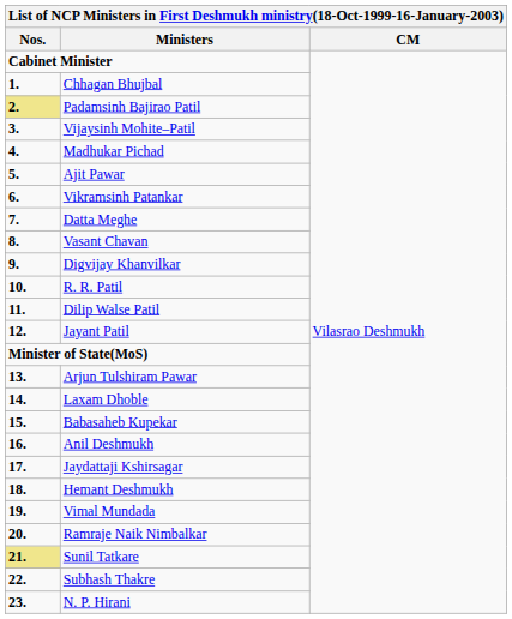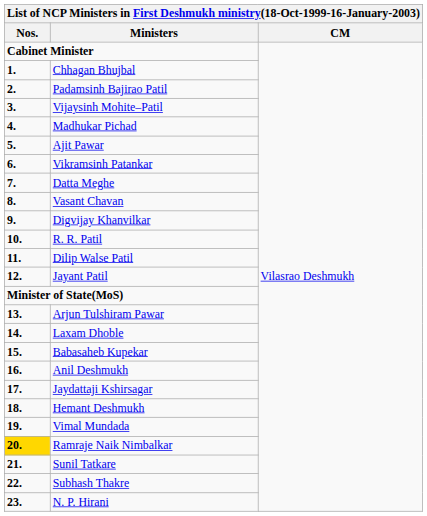 <table class="wikitable">
 <tr>
 <th colspan="3">List of NCP Ministers in <a href='#'>First Deshmukh ministry</a>(18-Oct-1999-16-January-2003)</th>
 </tr>
 <tr>
 <th>Nos.</th>
 <th>Ministers</th>
 <th>CM</th>
 </tr>
 <tr>
 <td colspan="2"><strong>Cabinet Minister</strong></td>
 <td rowspan="25"><a href='#'>Vilasrao Deshmukh</a></td>
 </tr>
 <tr>
 <td><strong>1.</strong></td>
 <td><a href='#'>Chhagan Bhujbal</a></td>
 </tr>
 <tr>
-<td style="background: khaki;"><strong>2.</strong></td>
+<td><strong>2.</strong></td>
 <td><a href='#'>Padamsinh Bajirao Patil</a></td>
 </tr>
 <tr>
 <td><strong>3.</strong></td>
 <td><a href='#'>Vijaysinh Mohite–Patil</a></td>
 </tr>
 <tr>
 <td><strong>4.</strong></td>
 <td><a href='#'>Madhukar Pichad</a></td>
 </tr>
 <tr>
 <td><strong>5.</strong></td>
 <td><a href='#'>Ajit Pawar</a></td>
 </tr>
 <tr>
 <td><strong>6.</strong></td>
 <td><a href='#'>Vikramsinh Patankar</a></td>
 </tr>
 <tr>
 <td><strong>7.</strong></td>
 <td><a href='#'>Datta Meghe</a></td>
 </tr>
 <tr>
 <td><strong>8.</strong></td>
 <td><a href='#'>Vasant Chavan</a></td>
 </tr>
 <tr>
 <td><strong>9.</strong></td>
 <td><a href='#'>Digvijay Khanvilkar</a></td>
 </tr>
 <tr>
 <td><strong>10.</strong></td>
 <td><a href='#'>R. R. Patil</a></td>
 </tr>
 <tr>
 <td><strong>11.</strong></td>
 <td><a href='#'>Dilip Walse Patil</a></td>
 </tr>
 <tr>
 <td><strong>12.</strong></td>
 <td><a href='#'>Jayant Patil</a></td>
 </tr>
 <tr>
 <td colspan="2"><strong>Minister of State(MoS)</strong></td>
 </tr>
 <tr>
 <td><strong>13.</strong></td>
 <td><a href='#'>Arjun Tulshiram Pawar</a></td>
 </tr>
 <tr>
 <td><strong>14.</strong></td>
 <td><a href='#'>Laxam Dhoble</a></td>
 </tr>
 <tr>
 <td><strong>15.</strong></td>
 <td><a href='#'>Babasaheb Kupekar</a></td>
 </tr>
 <tr>
 <td><strong>16.</strong></td>
 <td><a href='#'>Anil Deshmukh</a></td>
 </tr>
 <tr>
 <td><strong>17.</strong></td>
 <td><a href='#'>Jaydattaji Kshirsagar</a></td>
 </tr>
 <tr>
 <td><strong>18.</strong></td>
 <td><a href='#'>Hemant Deshmukh</a></td>
 </tr>
 <tr>
 <td><strong>19.</strong></td>
 <td><a href='#'>Vimal Mundada</a></td>
 </tr>
 <tr>
-<td><strong>20.</strong></td>
+<td style="background: gold;"><strong>20.</strong></td>
 <td><a href='#'>Ramraje Naik Nimbalkar</a></td>
 </tr>
 <tr>
-<td style="background: khaki;"><strong>21.</strong></td>
+<td><strong>21.</strong></td>
 <td><a href='#'>Sunil Tatkare</a></td>
 </tr>
 <tr>
 <td><strong>22.</strong></td>
 <td><a href='#'>Subhash Thakre</a></td>
 </tr>
 <tr>
 <td><strong>23.</strong></td>
 <td><a href='#'>N. P. Hirani</a></td>
 </tr>
 </table>
